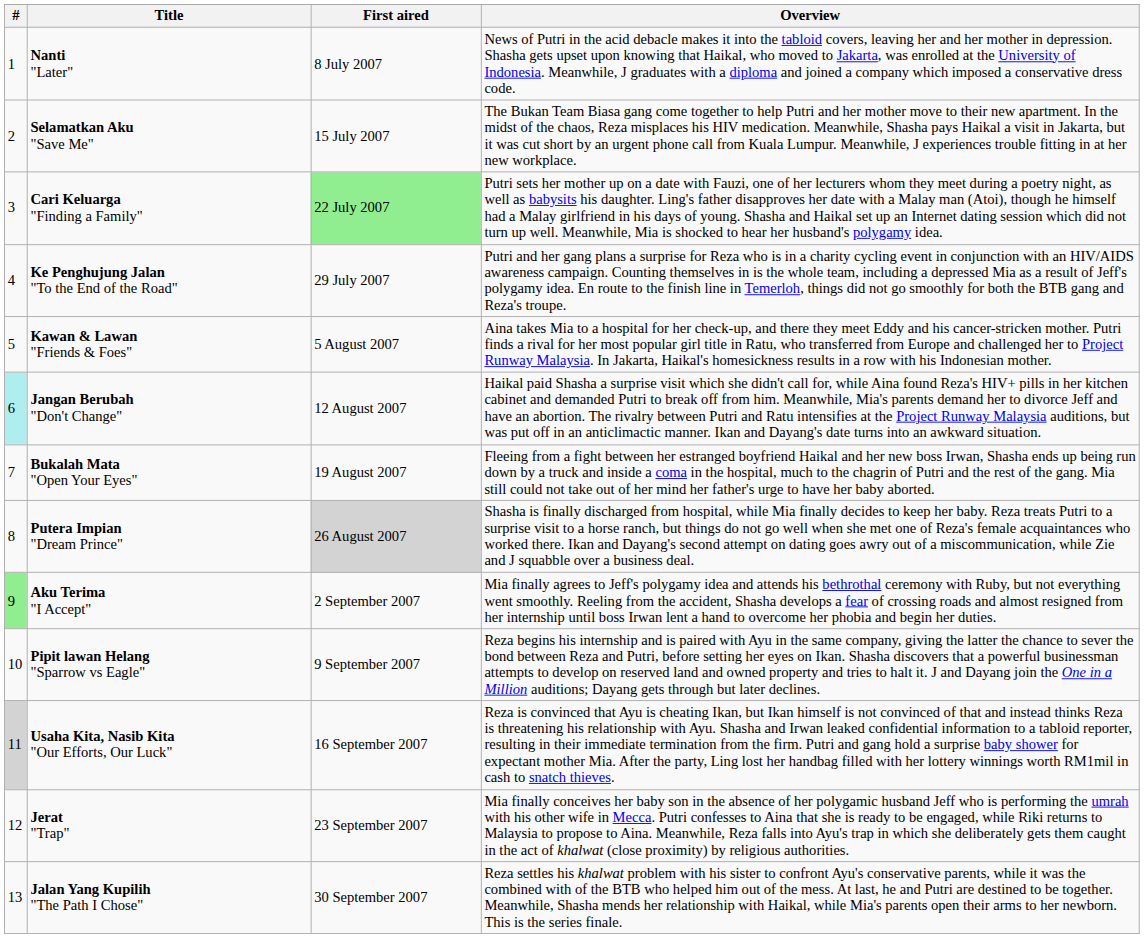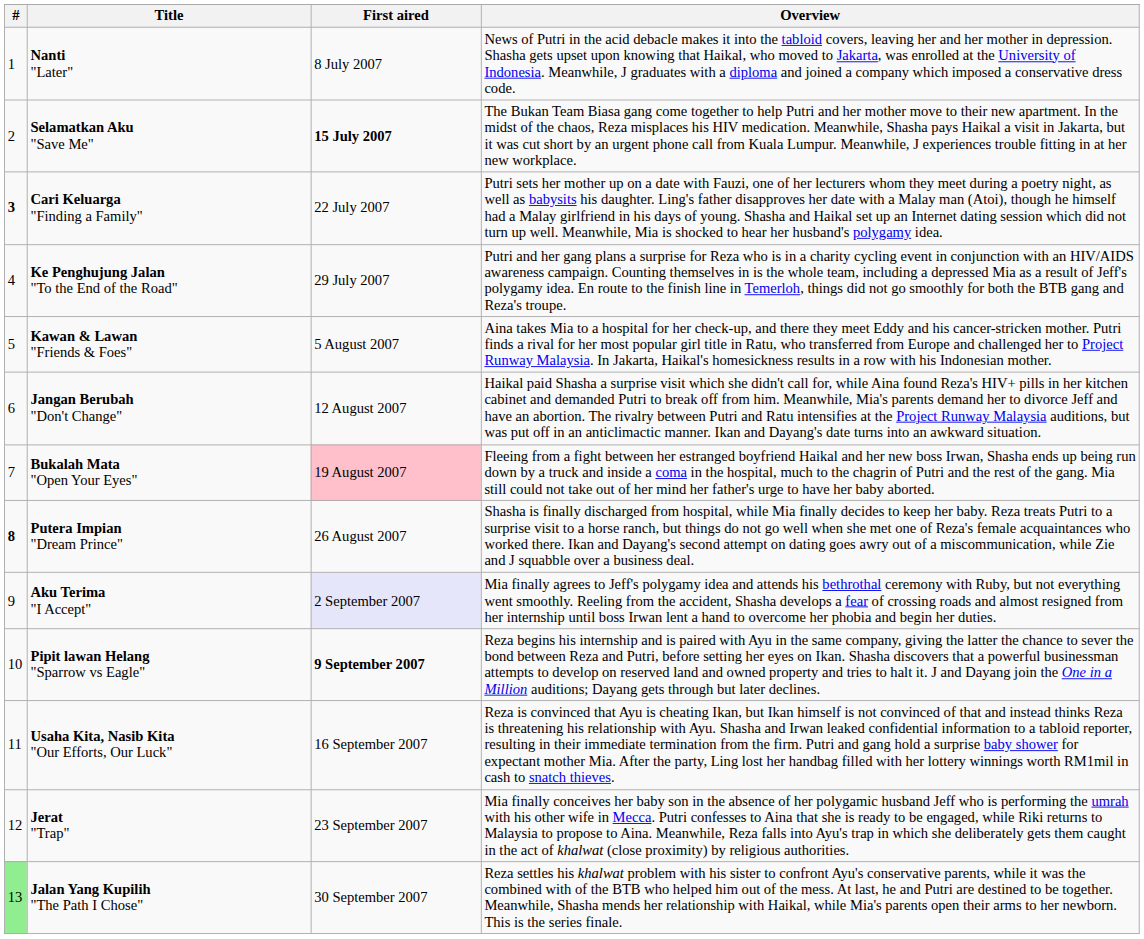 <table class="wikitable">
 <tr bgcolor="#CCCBCC">
 </tr>
 <tr>
 <th width="2%"><strong>#</strong></th>
 <th width="25%"><strong>Title</strong></th>
 <th width="15%"><strong>First aired</strong></th>
 <th><strong>Overview</strong></th>
 </tr>
 <tr>
 <td>1</td>
 <td><strong>Nanti</strong><br>"Later"</td>
 <td>8 July 2007</td>
 <td>News of Putri in the acid debacle makes it into the <a href='#'>tabloid</a> covers, leaving her and her mother in depression. Shasha gets upset upon knowing that Haikal, who moved to <a href='#'>Jakarta</a>, was enrolled at the <a href='#'>University of Indonesia</a>. Meanwhile, J graduates with a <a href='#'>diploma</a> and joined a company which imposed a conservative dress code.</td>
 </tr>
 <tr>
 <td>2</td>
 <td><strong>Selamatkan Aku</strong><br>"Save Me"</td>
-<td>15 July 2007</td>
+<td><strong>15 July 2007</strong></td>
 <td>The Bukan Team Biasa gang come together to help Putri and her mother move to their new apartment. In the midst of the chaos, Reza misplaces his HIV medication. Meanwhile, Shasha pays Haikal a visit in Jakarta, but it was cut short by an urgent phone call from Kuala Lumpur. Meanwhile, J experiences trouble fitting in at her new workplace.</td>
 </tr>
 <tr>
-<td>3</td>
+<td><strong>3</strong></td>
 <td><strong>Cari Keluarga</strong><br>"Finding a Family"</td>
-<td style="background: lightgreen;">22 July 2007</td>
+<td>22 July 2007</td>
 <td>Putri sets her mother up on a date with Fauzi, one of her lecturers whom they meet during a poetry night, as well as <a href='#'>babysits</a> his daughter. Ling's father disapproves her date with a Malay man (Atoi), though he himself had a Malay girlfriend in his days of young. Shasha and Haikal set up an Internet dating session which did not turn up well. Meanwhile, Mia is shocked to hear her husband's <a href='#'>polygamy</a> idea.</td>
 </tr>
 <tr>
 <td>4</td>
 <td><strong>Ke Penghujung Jalan</strong><br>"To the End of the Road"</td>
 <td>29 July 2007</td>
 <td>Putri and her gang plans a surprise for Reza who is in a charity cycling event in conjunction with an HIV/AIDS awareness campaign. Counting themselves in is the whole team, including a depressed Mia as a result of Jeff's polygamy idea. En route to the finish line in <a href='#'>Temerloh</a>, things did not go smoothly for both the BTB gang and Reza's troupe.</td>
 </tr>
 <tr>
 <td>5</td>
 <td><strong>Kawan & Lawan</strong><br>"Friends & Foes"</td>
 <td>5 August 2007</td>
 <td>Aina takes Mia to a hospital for her check-up, and there they meet Eddy and his cancer-stricken mother. Putri finds a rival for her most popular girl title in Ratu, who transferred from Europe and challenged her to <a href='#'>Project Runway Malaysia</a>. In Jakarta, Haikal's homesickness results in a row with his Indonesian mother.</td>
 </tr>
 <tr>
-<td style="background: paleturquoise;">6</td>
+<td>6</td>
 <td><strong>Jangan Berubah</strong><br>"Don't Change"</td>
 <td>12 August 2007</td>
 <td>Haikal paid Shasha a surprise visit which she didn't call for, while Aina found Reza's HIV+ pills in her kitchen cabinet and demanded Putri to break off from him. Meanwhile, Mia's parents demand her to divorce Jeff and have an abortion. The rivalry between Putri and Ratu intensifies at the <a href='#'>Project Runway Malaysia</a> auditions, but was put off in an anticlimactic manner. Ikan and Dayang's date turns into an awkward situation.</td>
 </tr>
 <tr>
 <td>7</td>
 <td><strong>Bukalah Mata</strong><br>"Open Your Eyes"</td>
-<td>19 August 2007</td>
+<td style="background: pink;">19 August 2007</td>
 <td>Fleeing from a fight between her estranged boyfriend Haikal and her new boss Irwan, Shasha ends up being run down by a truck and inside a <a href='#'>coma</a> in the hospital, much to the chagrin of Putri and the rest of the gang. Mia still could not take out of her mind her father's urge to have her baby aborted.</td>
 </tr>
 <tr>
-<td>8</td>
+<td><strong>8</strong></td>
 <td><strong>Putera Impian</strong><br>"Dream Prince"</td>
-<td style="background: lightgrey;">26 August 2007</td>
+<td>26 August 2007</td>
 <td>Shasha is finally discharged from hospital, while Mia finally decides to keep her baby. Reza treats Putri to a surprise visit to a horse ranch, but things do not go well when she met one of Reza's female acquaintances who worked there. Ikan and Dayang's second attempt on dating goes awry out of a miscommunication, while Zie and J squabble over a business deal.</td>
 </tr>
 <tr>
-<td style="background: lightgreen;">9</td>
+<td>9</td>
 <td><strong>Aku Terima</strong><br>"I Accept"</td>
-<td>2 September 2007</td>
+<td style="background: lavender;">2 September 2007</td>
 <td>Mia finally agrees to Jeff's polygamy idea and attends his <a href='#'>bethrothal</a> ceremony with Ruby, but not everything went smoothly. Reeling from the accident, Shasha develops a <a href='#'>fear</a> of crossing roads and almost resigned from her internship until boss Irwan lent a hand to overcome her phobia and begin her duties.</td>
 </tr>
 <tr>
 <td>10</td>
 <td><strong>Pipit lawan Helang</strong><br>"Sparrow vs Eagle"</td>
-<td>9 September 2007</td>
+<td><strong>9 September 2007</strong></td>
 <td>Reza begins his internship and is paired with Ayu in the same company, giving the latter the chance to sever the bond between Reza and Putri, before setting her eyes on Ikan. Shasha discovers that a powerful businessman attempts to develop on reserved land and owned property and tries to halt it. J and Dayang join the <em><a href='#'>One in a Million</a></em> auditions; Dayang gets through but later declines.</td>
 </tr>
 <tr>
-<td style="background: lightgrey;">11</td>
+<td>11</td>
 <td><strong>Usaha Kita, Nasib Kita</strong><br>"Our Efforts, Our Luck"</td>
 <td>16 September 2007</td>
 <td>Reza is convinced that Ayu is cheating Ikan, but Ikan himself is not convinced of that and instead thinks Reza is threatening his relationship with Ayu. Shasha and Irwan leaked confidential information to a tabloid reporter, resulting in their immediate termination from the firm. Putri and gang hold a surprise <a href='#'>baby shower</a> for expectant mother Mia. After the party, Ling lost her handbag filled with her lottery winnings worth RM1mil in cash to <a href='#'>snatch thieves</a>.</td>
 </tr>
 <tr>
 <td>12</td>
 <td><strong>Jerat</strong><br>"Trap"</td>
 <td>23 September 2007</td>
 <td>Mia finally conceives her baby son in the absence of her polygamic husband Jeff who is performing the <a href='#'>umrah</a> with his other wife in <a href='#'>Mecca</a>. Putri confesses to Aina that she is ready to be engaged, while Riki returns to Malaysia to propose to Aina. Meanwhile, Reza falls into Ayu's trap in which she deliberately gets them caught in the act of <em>khalwat</em> (close proximity) by religious authorities.</td>
 </tr>
 <tr>
-<td>13</td>
+<td style="background: lightgreen;">13</td>
 <td><strong>Jalan Yang Kupilih</strong><br>"The Path I Chose"</td>
 <td>30 September 2007</td>
 <td>Reza settles his <em>khalwat</em> problem with his sister to confront Ayu's conservative parents, while it was the combined with of the BTB who helped him out of the mess. At last, he and Putri are destined to be together. Meanwhile, Shasha mends her relationship with Haikal, while Mia's parents open their arms to her newborn.<br>This is the series finale.</td>
 </tr>
 </table>
